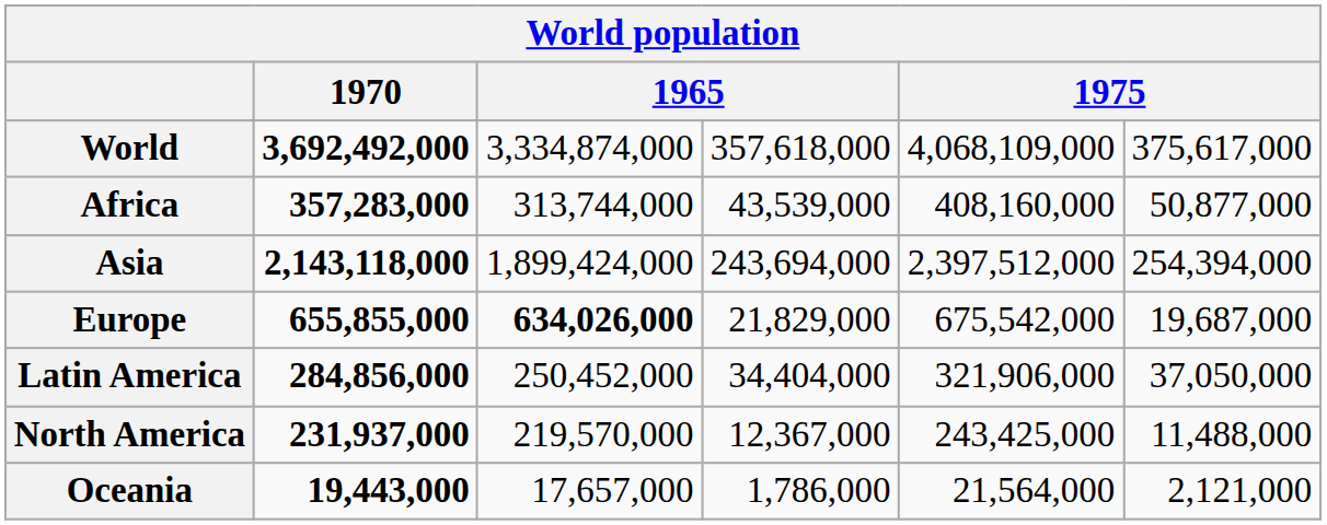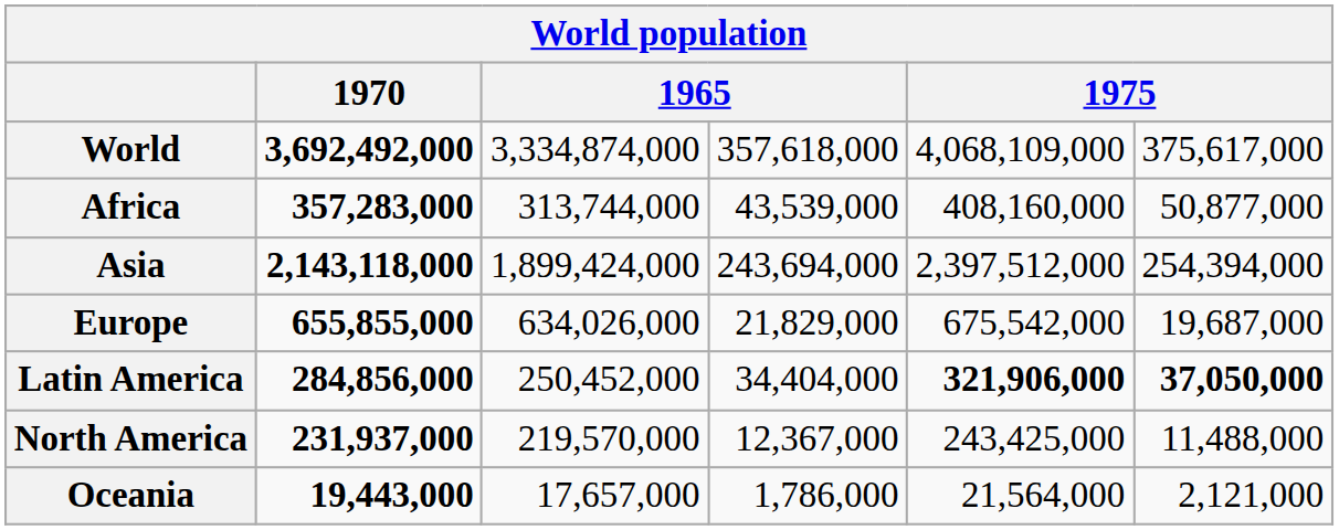 <table class="wikitable">
 <tr>
 <th colspan="7"><a href='#'>World population</a></th>
 </tr>
 <tr>
 <th></th>
 <th>1970</th>
 <th colspan="2"><a href='#'>1965</a></th>
 <th colspan="2"><a href='#'>1975</a></th>
 </tr>
 <tr>
 <th>World</th>
 <td align="right"><strong>3,692,492,000</strong></td>
 <td align="right">3,334,874,000</td>
 <td align="right"> 357,618,000</td>
 <td align="right">4,068,109,000</td>
 <td align="right"> 375,617,000</td>
 </tr>
 <tr>
 <th>Africa</th>
 <td align="right"><strong>357,283,000</strong></td>
 <td align="right">313,744,000</td>
 <td align="right"> 43,539,000</td>
 <td align="right">408,160,000</td>
 <td align="right"> 50,877,000</td>
 </tr>
 <tr>
 <th>Asia</th>
 <td align="right"><strong>2,143,118,000</strong></td>
 <td align="right">1,899,424,000</td>
 <td align="right"> 243,694,000</td>
 <td align="right">2,397,512,000</td>
 <td align="right"> 254,394,000</td>
 </tr>
 <tr>
 <th>Europe</th>
 <td align="right"><strong>655,855,000</strong></td>
-<td align="right"><strong>634,026,000</strong></td>
+<td align="right">634,026,000</td>
 <td align="right"> 21,829,000</td>
 <td align="right">675,542,000</td>
 <td align="right"> 19,687,000</td>
 </tr>
 <tr>
 <th>Latin America</th>
 <td align="right"><strong>284,856,000</strong></td>
 <td align="right">250,452,000</td>
 <td align="right"> 34,404,000</td>
-<td align="right">321,906,000</td>
-<td align="right"> 37,050,000</td>
+<td align="right"><strong>321,906,000</strong></td>
+<td align="right"><strong> 37,050,000</strong></td>
 </tr>
 <tr>
 <th>North America</th>
 <td align="right"><strong>231,937,000</strong></td>
 <td align="right">219,570,000</td>
 <td align="right"> 12,367,000</td>
 <td align="right">243,425,000</td>
 <td align="right"> 11,488,000</td>
 </tr>
 <tr>
 <th>Oceania</th>
 <td align="right"><strong>19,443,000</strong></td>
 <td align="right">17,657,000</td>
 <td align="right"> 1,786,000</td>
 <td align="right">21,564,000</td>
 <td align="right"> 2,121,000</td>
 </tr>
 </table>
